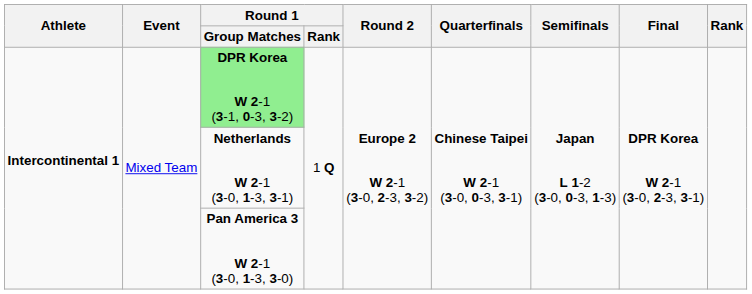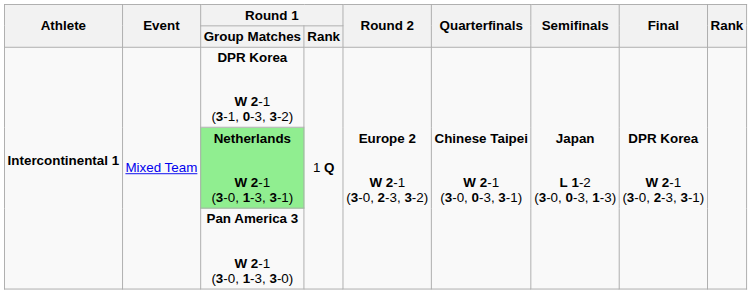 <table class="wikitable" border="1" style="font-size:90%">
 <tr>
 <th rowspan=2>Athlete</th>
 <th rowspan=2>Event</th>
 <th colspan=2>Round 1</th>
 <th rowspan=2>Round 2</th>
 <th rowspan=2>Quarterfinals</th>
 <th rowspan=2>Semifinals</th>
 <th rowspan=2>Final</th>
 <th rowspan=2>Rank</th>
 </tr>
 <tr>
 <th>Group Matches</th>
 <th>Rank</th>
 </tr>
 <tr>
 <td rowspan=3><strong>Intercontinental 1</strong><br><br></td>
 <td rowspan=3><a href='#'>Mixed Team</a></td>
-<td align=center style="background: lightgreen;"><strong>DPR Korea</strong><br><br><br> <strong>W</strong> <strong>2</strong>-1 <br> (<strong>3</strong>-1, <strong>0</strong>-3, <strong>3</strong>-2)</td>
+<td align=center><strong>DPR Korea</strong><br><br><br> <strong>W</strong> <strong>2</strong>-1 <br> (<strong>3</strong>-1, <strong>0</strong>-3, <strong>3</strong>-2)</td>
 <td rowspan=3 align=center>1 <strong>Q</strong></td>
 <td align=center rowspan=3><strong>Europe 2</strong><br><br><br> <strong>W</strong> <strong>2</strong>-1 <br> (<strong>3</strong>-0, <strong>2</strong>-3, <strong>3</strong>-2)</td>
 <td align=center rowspan=3><strong>Chinese Taipei</strong><br><br><br> <strong>W</strong> <strong>2</strong>-1 <br> (<strong>3</strong>-0, <strong>0</strong>-3, <strong>3</strong>-1)</td>
 <td align=center rowspan=3><strong>Japan</strong><br><br><br> <strong>L</strong> <strong>1</strong>-2 <br> (<strong>3</strong>-0, <strong>0</strong>-3, <strong>1</strong>-3)</td>
 <td align=center rowspan=3><strong>DPR Korea</strong><br><br><br> <strong>W</strong> <strong>2</strong>-1 <br> (<strong>3</strong>-0, <strong>2</strong>-3, <strong>3</strong>-1)</td>
 <td rowspan=3 align=center></td>
 </tr>
 <tr>
-<td align=center><strong>Netherlands</strong><br><br><br> <strong>W</strong> <strong>2</strong>-1 <br> (<strong>3</strong>-0, <strong>1</strong>-3, <strong>3</strong>-1)</td>
+<td align=center style="background: lightgreen;"><strong>Netherlands</strong><br><br><br> <strong>W</strong> <strong>2</strong>-1 <br> (<strong>3</strong>-0, <strong>1</strong>-3, <strong>3</strong>-1)</td>
 </tr>
 <tr>
 <td align=center><strong>Pan America 3</strong><br><br><br> <strong>W</strong> <strong>2</strong>-1 <br> (<strong>3</strong>-0, <strong>1</strong>-3, <strong>3</strong>-0)</td>
 </tr>
 </table>
